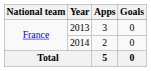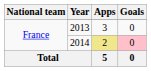 <table class="wikitable" style="text-align:center">
 <tr>
 <th>National team</th>
 <th>Year</th>
 <th>Apps</th>
 <th>Goals</th>
 </tr>
 <tr>
 <td rowspan="3"><a href='#'>France</a></td>
 </tr>
 <tr>
 <td>2013</td>
 <td>3</td>
 <td>0</td>
 </tr>
 <tr>
 <td>2014</td>
-<td>2</td>
-<td>0</td>
+<td style="background: khaki;">2</td>
+<td style="background: pink;">0</td>
 </tr>
 <tr>
 <th colspan="2">Total</th>
 <th>5</th>
 <th>0</th>
 </tr>
 </table>
